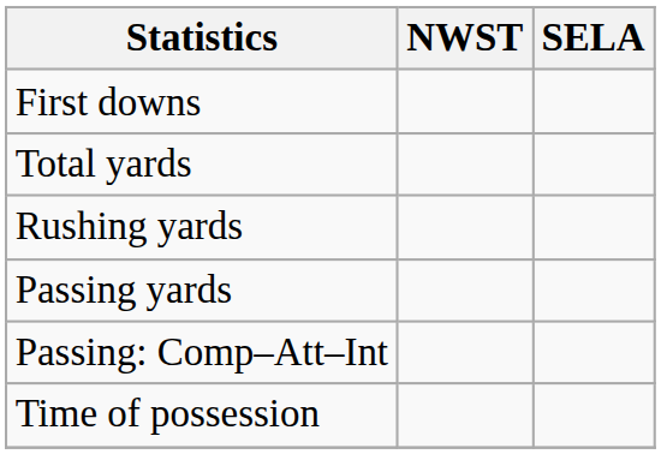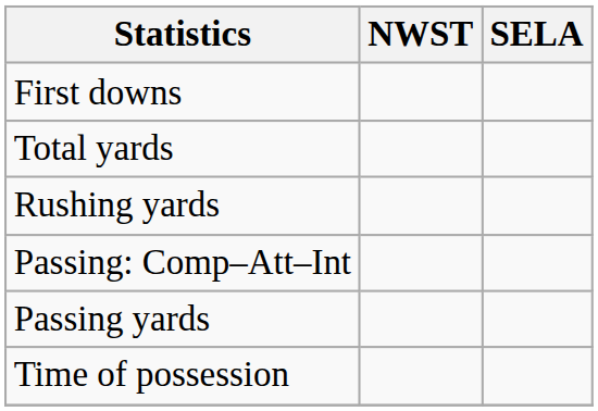 <table class="wikitable" style="float: left;">
 <tr>
 <th>Statistics</th>
 <th>NWST</th>
 <th>SELA</th>
 </tr>
 <tr>
 <td>First downs</td>
 <td></td>
 <td></td>
 </tr>
 <tr>
 <td>Total yards</td>
 <td></td>
 <td></td>
 </tr>
 <tr>
 <td>Rushing yards</td>
 <td></td>
 <td></td>
 </tr>
 <tr>
-<td>Passing yards</td>
+<td>Passing: Comp–Att–Int</td>
 <td></td>
 <td></td>
 </tr>
 <tr>
-<td>Passing: Comp–Att–Int</td>
+<td>Passing yards</td>
 <td></td>
 <td></td>
 </tr>
 <tr>
 <td>Time of possession</td>
 <td></td>
 <td></td>
 </tr>
 <tr>
 </tr>
 </table>
